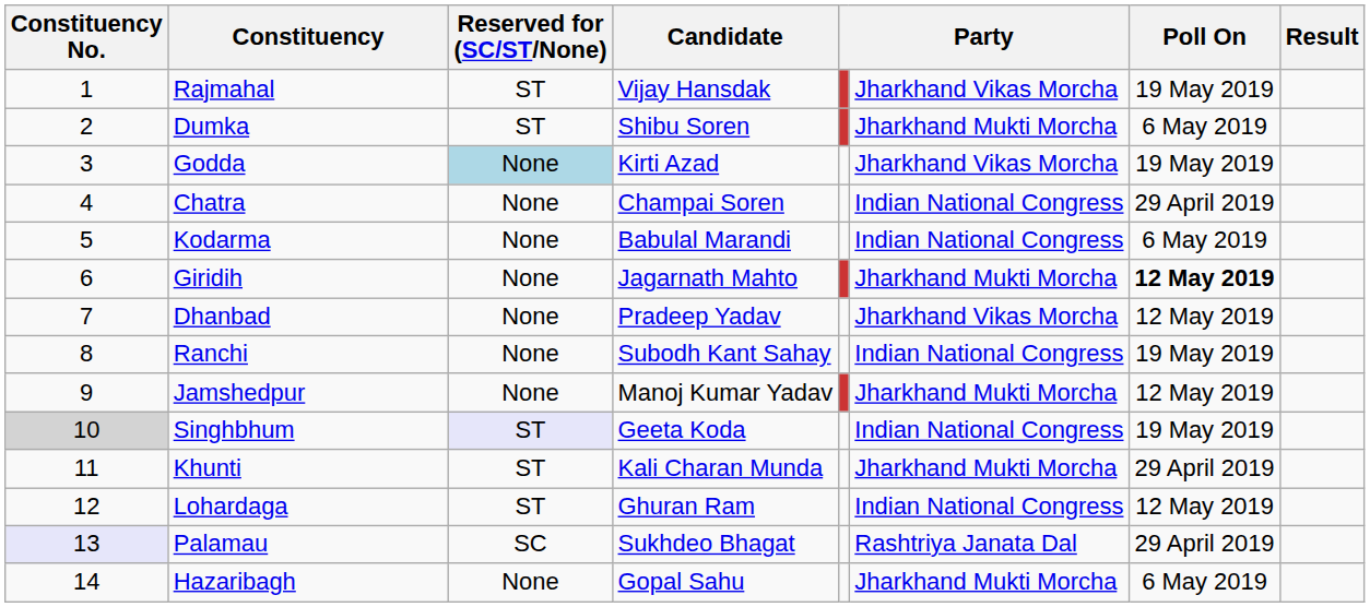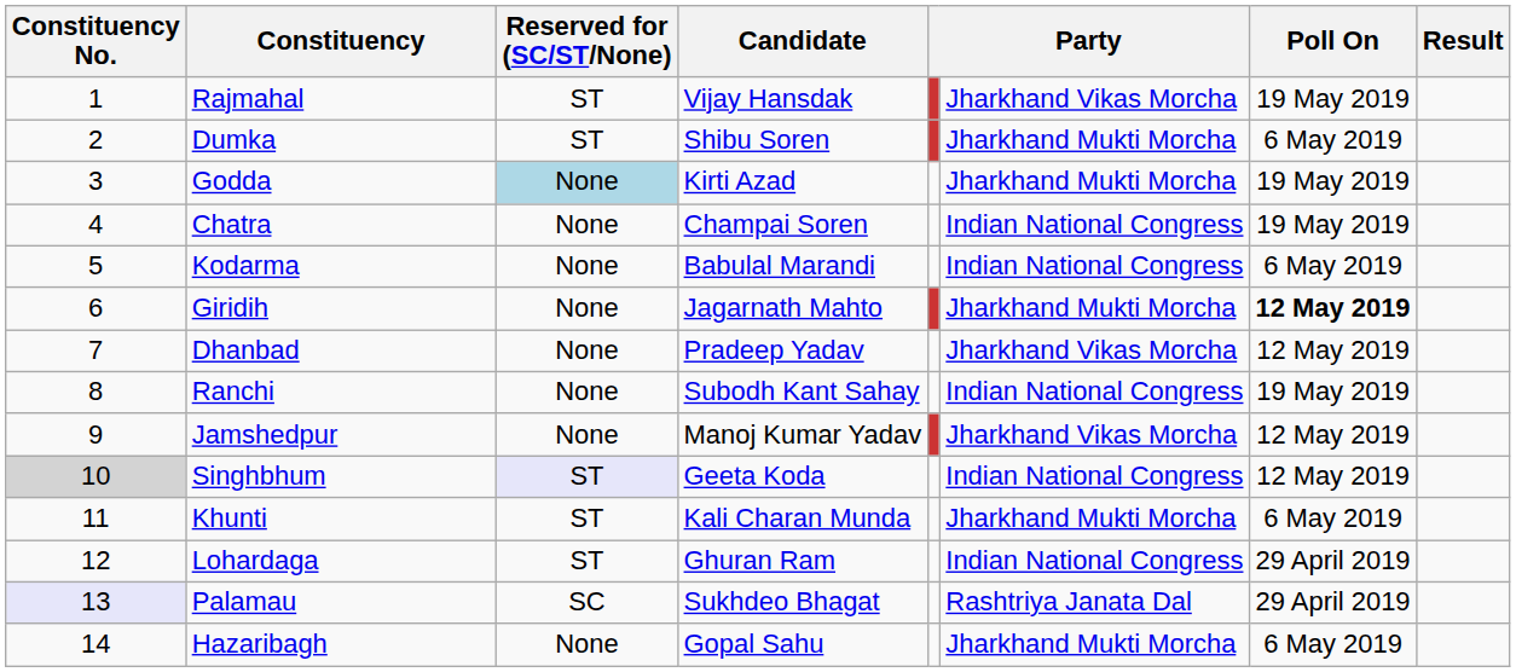 <table class="wikitable sortable">
 <tr>
 <th>Constituency <br> No.</th>
 <th style="width:180px;">Constituency</th>
 <th>Reserved for<br>(<a href='#'>SC/ST</a>/None)</th>
 <th>Candidate</th>
 <th colspan="2">Party</th>
 <th>Poll On</th>
 <th>Result</th>
 </tr>
 <tr>
 <td style="text-align:center;">1</td>
 <td><a href='#'>Rajmahal</a></td>
 <td style="text-align:center;">ST</td>
 <td><a href='#'>Vijay Hansdak</a></td>
 <td bgcolor=#CC3333></td>
 <td><a href='#'>Jharkhand Vikas Morcha</a></td>
 <td style="text-align:center;">19 May 2019</td>
 <td></td>
 </tr>
 <tr>
 <td style="text-align:center;">2</td>
 <td><a href='#'>Dumka</a></td>
 <td style="text-align:center;">ST</td>
 <td><a href='#'>Shibu Soren</a></td>
 <td bgcolor=#CC3333></td>
 <td><a href='#'>Jharkhand Mukti Morcha</a></td>
 <td style="text-align:center;">6 May 2019</td>
 <td></td>
 </tr>
 <tr>
 <td style="text-align:center;">3</td>
 <td><a href='#'>Godda</a></td>
 <td style="background: lightblue; text-align:center;">None</td>
 <td><a href='#'>Kirti Azad</a></td>
 <td></td>
-<td><a href='#'>Jharkhand Vikas Morcha</a></td>
+<td><a href='#'>Jharkhand Mukti Morcha</a></td>
 <td style="text-align:center;">19 May 2019</td>
 <td></td>
 </tr>
 <tr>
 <td style="text-align:center;">4</td>
 <td><a href='#'>Chatra</a></td>
 <td style="text-align:center;">None</td>
 <td><a href='#'>Champai Soren</a></td>
 <td></td>
 <td><a href='#'>Indian National Congress</a></td>
-<td style="text-align:center;">29 April 2019</td>
+<td style="text-align:center;">19 May 2019</td>
 <td></td>
 </tr>
 <tr>
 <td style="text-align:center;">5</td>
 <td><a href='#'>Kodarma</a></td>
 <td style="text-align:center;">None</td>
 <td><a href='#'>Babulal Marandi</a></td>
 <td></td>
 <td><a href='#'>Indian National Congress</a></td>
 <td style="text-align:center;">6 May 2019</td>
 <td></td>
 </tr>
 <tr>
 <td style="text-align:center;">6</td>
 <td><a href='#'>Giridih</a></td>
 <td style="text-align:center;">None</td>
 <td><a href='#'>Jagarnath Mahto</a></td>
 <td bgcolor=#CC3333></td>
 <td><a href='#'>Jharkhand Mukti Morcha</a></td>
 <td style="text-align:center;"><strong>12 May 2019</strong></td>
 <td></td>
 </tr>
 <tr>
 <td style="text-align:center;">7</td>
 <td><a href='#'>Dhanbad</a></td>
 <td style="text-align:center;">None</td>
 <td><a href='#'>Pradeep Yadav</a></td>
 <td></td>
 <td><a href='#'>Jharkhand Vikas Morcha</a></td>
 <td style="text-align:center;">12 May 2019</td>
 <td></td>
 </tr>
 <tr>
 <td style="text-align:center;">8</td>
 <td><a href='#'>Ranchi</a></td>
 <td style="text-align:center;">None</td>
 <td><a href='#'>Subodh Kant Sahay</a></td>
 <td bgcolor=></td>
 <td><a href='#'>Indian National Congress</a></td>
 <td style="text-align:center;">19 May 2019</td>
 <td></td>
 </tr>
 <tr>
 <td style="text-align:center;">9</td>
 <td><a href='#'>Jamshedpur</a></td>
 <td style="text-align:center;">None</td>
 <td>Manoj Kumar Yadav</td>
 <td bgcolor=#CC3333></td>
-<td><a href='#'>Jharkhand Mukti Morcha</a></td>
+<td><a href='#'>Jharkhand Vikas Morcha</a></td>
 <td style="text-align:center;">12 May 2019</td>
 <td></td>
 </tr>
 <tr>
 <td style="background: lightgrey; text-align:center;">10</td>
 <td><a href='#'>Singhbhum</a></td>
 <td style="background: lavender; text-align:center;">ST</td>
 <td><a href='#'>Geeta Koda</a></td>
 <td bgcolor=></td>
 <td><a href='#'>Indian National Congress</a></td>
-<td style="text-align:center;">19 May 2019</td>
+<td style="text-align:center;">12 May 2019</td>
 <td></td>
 </tr>
 <tr>
 <td style="text-align:center;">11</td>
 <td><a href='#'>Khunti</a></td>
 <td style="text-align:center;">ST</td>
 <td><a href='#'>Kali Charan Munda</a></td>
 <td></td>
 <td><a href='#'>Jharkhand Mukti Morcha</a></td>
-<td style="text-align:center;">29 April 2019</td>
+<td style="text-align:center;">6 May 2019</td>
 <td></td>
 </tr>
 <tr>
 <td style="text-align:center;">12</td>
 <td><a href='#'>Lohardaga</a></td>
 <td style="text-align:center;">ST</td>
 <td><a href='#'>Ghuran Ram </a></td>
 <td bgcolor=></td>
 <td><a href='#'>Indian National Congress</a></td>
-<td style="text-align:center;">12 May 2019</td>
+<td style="text-align:center;">29 April 2019</td>
 <td></td>
 </tr>
 <tr>
 <td style="background: lavender; text-align:center;">13</td>
 <td><a href='#'>Palamau</a></td>
 <td style="text-align:center;">SC</td>
 <td><a href='#'>Sukhdeo Bhagat</a></td>
 <td bgcolor=></td>
 <td><a href='#'>Rashtriya Janata Dal</a></td>
 <td style="text-align:center;">29 April 2019</td>
 <td></td>
 </tr>
 <tr>
 <td style="text-align:center;">14</td>
 <td><a href='#'>Hazaribagh</a></td>
 <td style="text-align:center;">None</td>
 <td><a href='#'>Gopal Sahu</a></td>
 <td></td>
 <td><a href='#'>Jharkhand Mukti Morcha</a></td>
 <td style="text-align:center;">6 May 2019</td>
 <td></td>
 </tr>
 </table>
